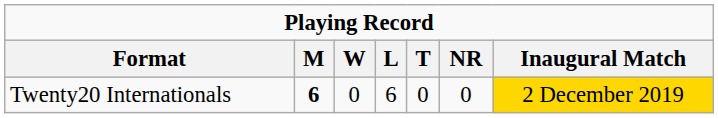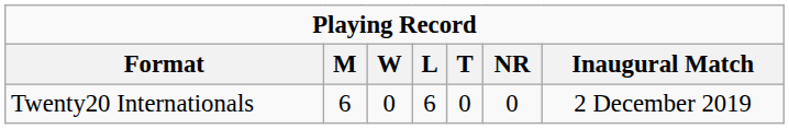 <table class="wikitable" style="text-align: center; width: 500px;">
 <tr>
 <td colspan=7 align="center"><strong>Playing Record</strong></td>
 </tr>
 <tr>
 <th>Format</th>
 <th>M</th>
 <th>W</th>
 <th>L</th>
 <th>T</th>
 <th>NR</th>
 <th>Inaugural Match</th>
 </tr>
 <tr>
 <td align="left">Twenty20 Internationals</td>
-<td><strong>6</strong></td>
+<td>6</td>
 <td>0</td>
 <td>6</td>
 <td>0</td>
 <td>0</td>
-<td style="background: gold;">2 December 2019</td>
+<td>2 December 2019</td>
 </tr>
 </table>
